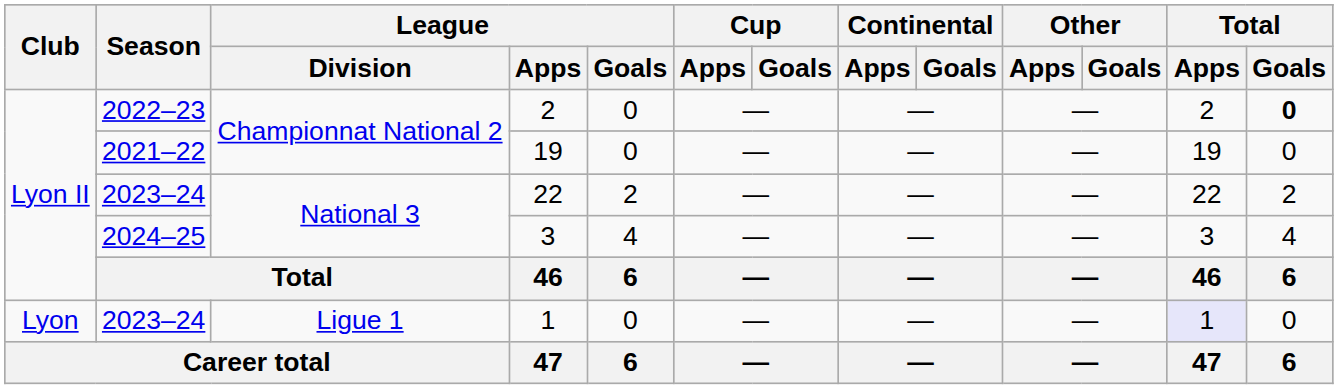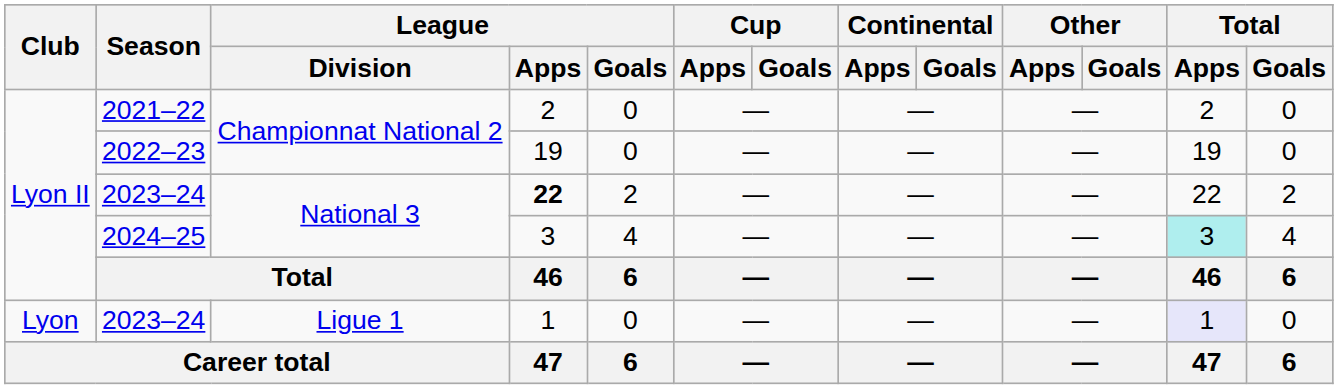 <table class="wikitable" style="text-align:center">
 <tr>
 <th rowspan="2">Club</th>
 <th rowspan="2">Season</th>
 <th colspan="3">League</th>
 <th colspan="2">Cup</th>
 <th colspan="2">Continental</th>
 <th colspan="2">Other</th>
 <th colspan="2">Total</th>
 </tr>
 <tr>
 <th>Division</th>
 <th>Apps</th>
 <th>Goals</th>
 <th>Apps</th>
 <th>Goals</th>
 <th>Apps</th>
 <th>Goals</th>
 <th>Apps</th>
 <th>Goals</th>
 <th>Apps</th>
 <th>Goals</th>
 </tr>
 <tr>
 <td rowspan="5"><a href='#'>Lyon II</a></td>
-<td><a href='#'>2022–23</a></td>
+<td><a href='#'>2021–22</a></td>
 <td rowspan="2"><a href='#'>Championnat National 2</a></td>
 <td>2</td>
 <td>0</td>
 <td colspan="2">—</td>
 <td colspan="2">—</td>
 <td colspan="2">—</td>
 <td>2</td>
-<td><strong>0</strong></td>
+<td>0</td>
 </tr>
 <tr>
-<td><a href='#'>2021–22</a></td>
+<td><a href='#'>2022–23</a></td>
 <td>19</td>
 <td>0</td>
 <td colspan="2">—</td>
 <td colspan="2">—</td>
 <td colspan="2">—</td>
 <td>19</td>
 <td>0</td>
 </tr>
 <tr>
 <td><a href='#'>2023–24</a></td>
 <td rowspan="2"><a href='#'>National 3</a></td>
-<td>22</td>
+<td><strong>22</strong></td>
 <td>2</td>
 <td colspan="2">—</td>
 <td colspan="2">—</td>
 <td colspan="2">—</td>
 <td>22</td>
 <td>2</td>
 </tr>
 <tr>
 <td><a href='#'>2024–25</a></td>
 <td>3</td>
 <td>4</td>
 <td colspan="2">—</td>
 <td colspan="2">—</td>
 <td colspan="2">—</td>
-<td>3</td>
+<td style="background: paleturquoise;">3</td>
 <td>4</td>
 </tr>
 <tr>
 <th colspan="2">Total</th>
 <th>46</th>
 <th>6</th>
 <th colspan="2">—</th>
 <th colspan="2">—</th>
 <th colspan="2">—</th>
 <th>46</th>
 <th>6</th>
 </tr>
 <tr>
 <td><a href='#'>Lyon</a></td>
 <td><a href='#'>2023–24</a></td>
 <td><a href='#'>Ligue 1</a></td>
 <td>1</td>
 <td>0</td>
 <td colspan="2">—</td>
 <td colspan="2">—</td>
 <td colspan="2">—</td>
 <td style="background: lavender;">1</td>
 <td>0</td>
 </tr>
 <tr>
 <th colspan="3">Career total</th>
 <th>47</th>
 <th>6</th>
 <th colspan="2">—</th>
 <th colspan="2">—</th>
 <th colspan="2">—</th>
 <th>47</th>
 <th>6</th>
 </tr>
 </table>
